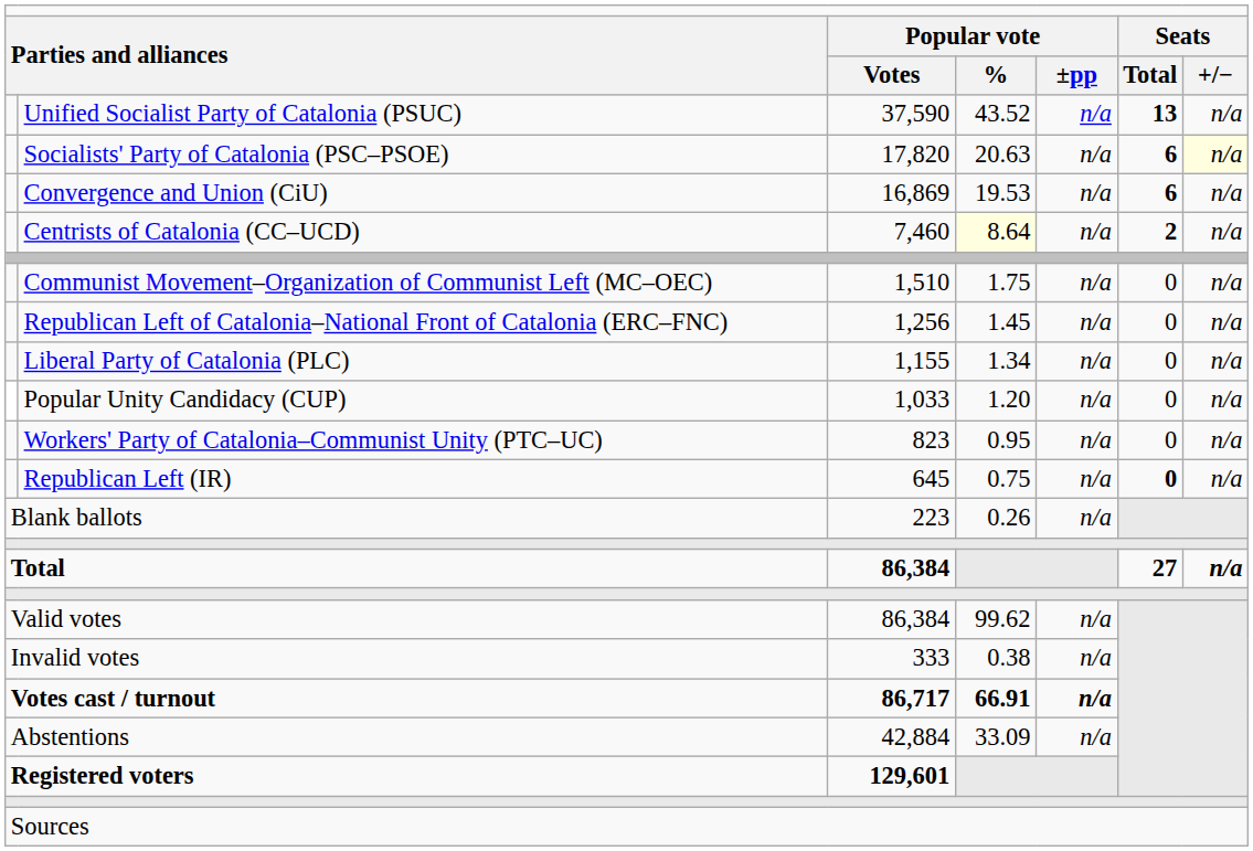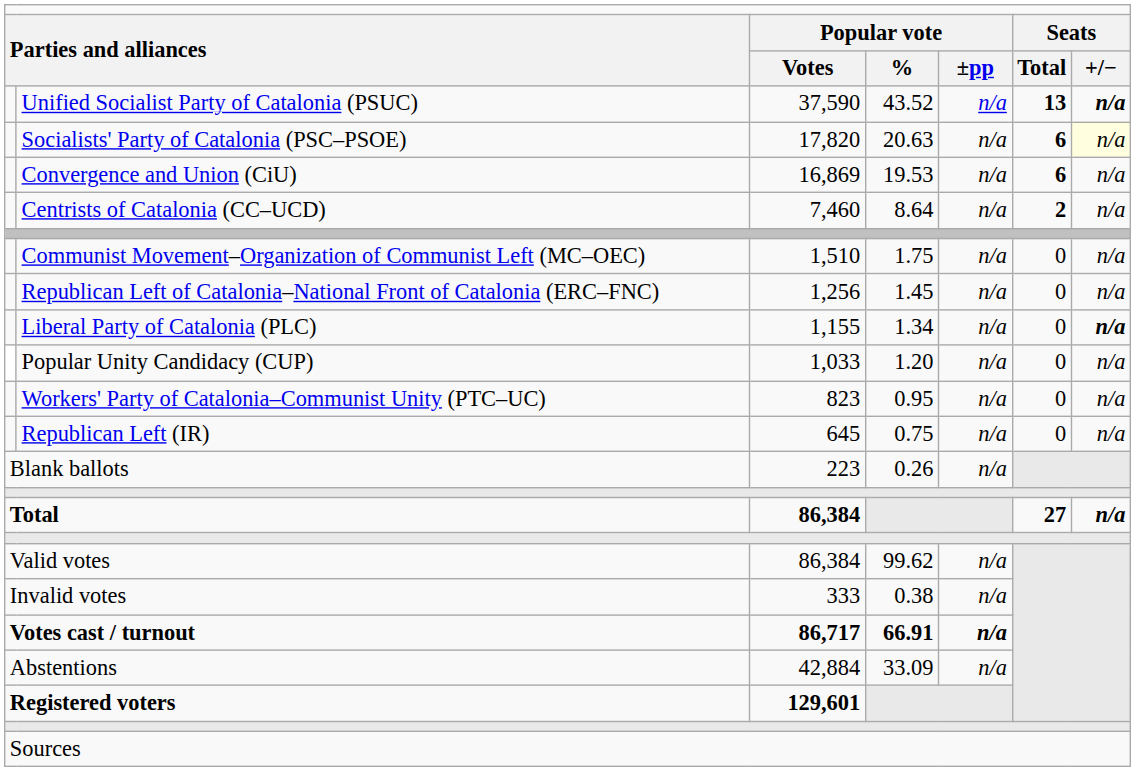 <table class="wikitable" style="text-align:right;">
 <tr>
 <td colspan="7"></td>
 </tr>
 <tr>
 <th style="text-align:left;" rowspan="2" colspan="2" width="525">Parties and alliances</th>
 <th colspan="3">Popular vote</th>
 <th colspan="2">Seats</th>
 </tr>
 <tr>
 <th width="75">Votes</th>
 <th width="45">%</th>
 <th width="45">±<a href='#'>pp</a></th>
 <th width="35">Total</th>
 <th width="35">+/−</th>
 </tr>
 <tr>
 <td width="1" style="color:inherit;background:"></td>
 <td align="left"><a href='#'>Unified Socialist Party of Catalonia</a> (PSUC)</td>
 <td>37,590</td>
 <td>43.52</td>
 <td><em><a href='#'>n/a</a></em></td>
 <td><strong>13</strong></td>
-<td><em>n/a</em></td>
+<td><strong><em>n/a</em></strong></td>
 </tr>
 <tr>
 <td style="color:inherit;background:"></td>
 <td align="left"><a href='#'>Socialists' Party of Catalonia</a> (PSC–PSOE)</td>
 <td>17,820</td>
 <td>20.63</td>
 <td><em>n/a</em></td>
 <td><strong>6</strong></td>
 <td style="background: lightyellow;"><em>n/a</em></td>
 </tr>
 <tr>
 <td style="color:inherit;background:"></td>
 <td align="left"><a href='#'>Convergence and Union</a> (CiU)</td>
 <td>16,869</td>
 <td>19.53</td>
 <td><em>n/a</em></td>
 <td><strong>6</strong></td>
 <td><em>n/a</em></td>
 </tr>
 <tr>
 <td style="color:inherit;background:"></td>
 <td align="left"><a href='#'>Centrists of Catalonia</a> (CC–UCD)</td>
 <td>7,460</td>
-<td style="background: lightyellow;">8.64</td>
+<td>8.64</td>
 <td><em>n/a</em></td>
 <td><strong>2</strong></td>
 <td><em>n/a</em></td>
 </tr>
 <tr>
 <td colspan="7" style="color:inherit;background:#C0C0C0"></td>
 </tr>
 <tr>
 <td style="color:inherit;background:"></td>
 <td align="left"><a href='#'>Communist Movement</a>–<a href='#'>Organization of Communist Left</a> (MC–OEC)</td>
 <td>1,510</td>
 <td>1.75</td>
 <td><em>n/a</em></td>
 <td>0</td>
 <td><em>n/a</em></td>
 </tr>
 <tr>
 <td style="color:inherit;background:"></td>
 <td align="left"><a href='#'>Republican Left of Catalonia</a>–<a href='#'>National Front of Catalonia</a> (ERC–FNC)</td>
 <td>1,256</td>
 <td>1.45</td>
 <td><em>n/a</em></td>
 <td>0</td>
 <td><em>n/a</em></td>
 </tr>
 <tr>
 <td style="color:inherit;background:"></td>
 <td align="left"><a href='#'>Liberal Party of Catalonia</a> (PLC)</td>
 <td>1,155</td>
 <td>1.34</td>
 <td><em>n/a</em></td>
 <td>0</td>
-<td><em>n/a</em></td>
+<td><strong><em>n/a</em></strong></td>
 </tr>
 <tr>
 <td bgcolor="white"></td>
 <td align="left">Popular Unity Candidacy (CUP)</td>
 <td>1,033</td>
 <td>1.20</td>
 <td><em>n/a</em></td>
 <td>0</td>
 <td><em>n/a</em></td>
 </tr>
 <tr>
 <td style="color:inherit;background:"></td>
 <td align="left"><a href='#'>Workers' Party of Catalonia–Communist Unity</a> (PTC–UC)</td>
 <td>823</td>
 <td>0.95</td>
 <td><em>n/a</em></td>
 <td>0</td>
 <td><em>n/a</em></td>
 </tr>
 <tr>
 <td style="color:inherit;background:"></td>
 <td align="left"><a href='#'>Republican Left</a> (IR)</td>
 <td>645</td>
 <td>0.75</td>
 <td><em>n/a</em></td>
-<td><strong>0</strong></td>
+<td>0</td>
 <td><em>n/a</em></td>
 </tr>
 <tr>
 <td align="left" colspan="2">Blank ballots</td>
 <td>223</td>
 <td>0.26</td>
 <td><em>n/a</em></td>
 <td style="color:inherit;background:#E9E9E9" colspan="2"></td>
 </tr>
 <tr>
 <td colspan="7" style="color:inherit;background:#E9E9E9"></td>
 </tr>
 <tr style="font-weight:bold;">
 <td align="left" colspan="2">Total</td>
 <td>86,384</td>
 <td bgcolor="#E9E9E9" colspan="2"></td>
 <td>27</td>
 <td><em>n/a</em></td>
 </tr>
 <tr>
 <td colspan="7" style="color:inherit;background:#E9E9E9"></td>
 </tr>
 <tr>
 <td align="left" colspan="2">Valid votes</td>
 <td>86,384</td>
 <td>99.62</td>
 <td><em>n/a</em></td>
 <td bgcolor="#E9E9E9" colspan="2" rowspan="5"></td>
 </tr>
 <tr>
 <td align="left" colspan="2">Invalid votes</td>
 <td>333</td>
 <td>0.38</td>
 <td><em>n/a</em></td>
 </tr>
 <tr style="font-weight:bold;">
 <td align="left" colspan="2">Votes cast / turnout</td>
 <td>86,717</td>
 <td>66.91</td>
 <td><em>n/a</em></td>
 </tr>
 <tr>
 <td align="left" colspan="2">Abstentions</td>
 <td>42,884</td>
 <td>33.09</td>
 <td><em>n/a</em></td>
 </tr>
 <tr style="font-weight:bold;">
 <td align="left" colspan="2">Registered voters</td>
 <td>129,601</td>
 <td bgcolor="#E9E9E9" colspan="2"></td>
 </tr>
 <tr>
 <td colspan="7" style="color:inherit;background:#E9E9E9"></td>
 </tr>
 <tr>
 <td align="left" colspan="7">Sources</td>
 </tr>
 </table>
